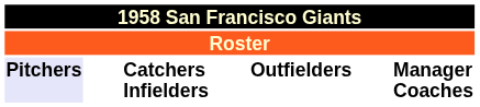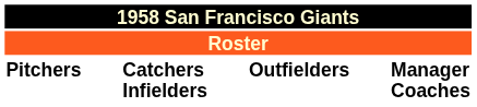 <table class="toccolours" style="font-size: 95%;">
 <tr>
 <th colspan="10" style="background-color: black; color: #FFFDD0; text-align: center;">1958 San Francisco Giants</th>
 </tr>
 <tr>
 <td colspan="10" style="background-color: #fd5a1e; color: #FFFDD0; text-align: center;"><strong>Roster</strong></td>
 </tr>
 <tr>
-<td valign="top" style="background: lavender;"><strong>Pitchers</strong><br>                </td>
+<td valign="top"><strong>Pitchers</strong><br>                </td>
 <td width="25px"></td>
 <td valign="top"><strong>Catchers</strong><br>   <strong>Infielders</strong>         </td>
 <td width="25px"></td>
 <td valign="top"><strong>Outfielders</strong><br>         </td>
 <td width="25px"></td>
 <td valign="top"><strong>Manager</strong><br> <strong>Coaches</strong>     </td>
 </tr>
 <tr>
 </tr>
 </table>
